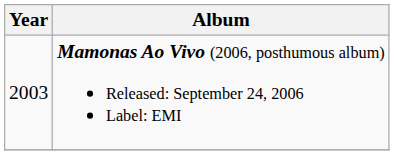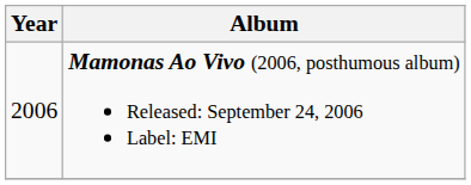 <table class="wikitable">
 <tr>
 <th>Year</th>
 <th>Album</th>
 </tr>
 <tr>
-<td>2003</td>
+<td>2006</td>
 <td><strong><em>Mamonas Ao Vivo</em></strong> <small>(2006, posthumous album)</small><br><ul><li><small>Released: September 24, 2006</small></li><li><small>Label: EMI</small></li></ul></td>
 </tr>
 <tr>
 </tr>
 </table>
